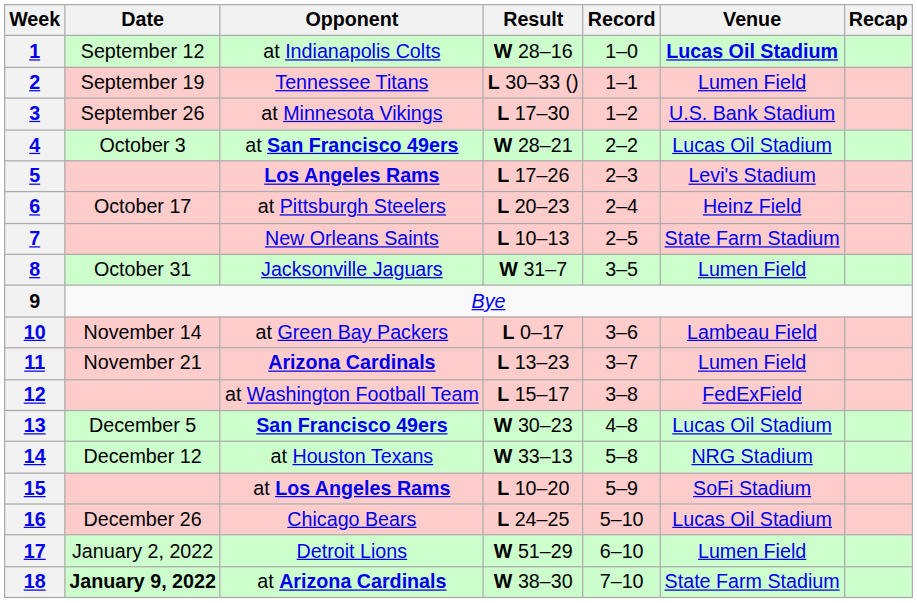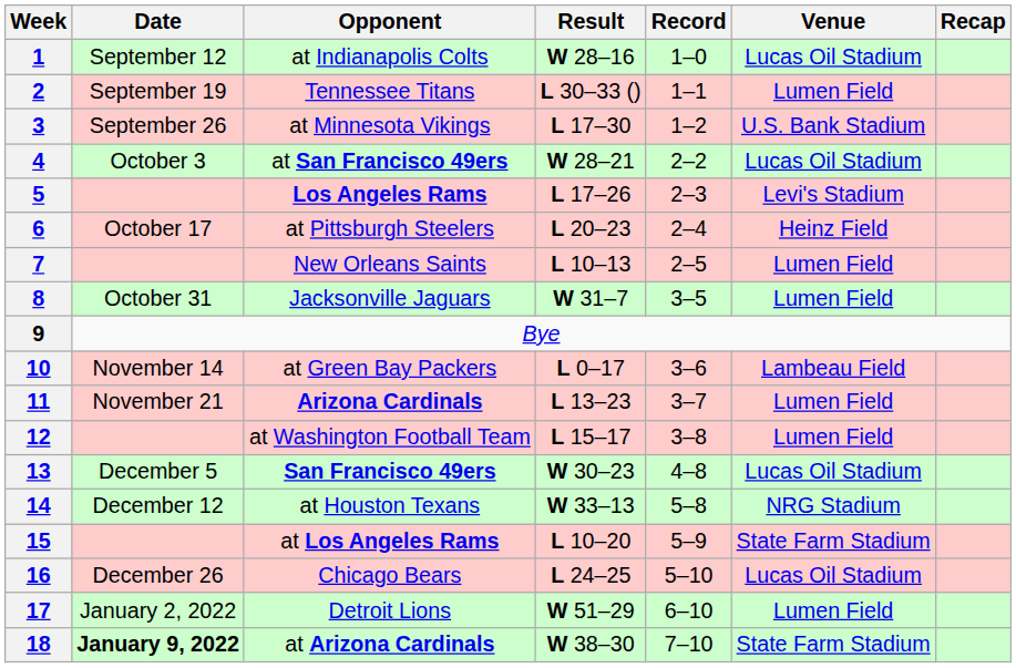 <table class="wikitable" style="text-align:center">
 <tr>
 <th>Week</th>
 <th>Date</th>
 <th>Opponent</th>
 <th>Result</th>
 <th>Record</th>
 <th>Venue</th>
 <th>Recap</th>
 </tr>
 <tr style="background:#cfc">
 <th><a href='#'>1</a></th>
 <td>September 12</td>
 <td>at <a href='#'>Indianapolis Colts</a></td>
 <td><strong>W</strong> 28–16</td>
 <td>1–0</td>
-<td><strong><a href='#'>Lucas Oil Stadium</a></strong></td>
+<td><a href='#'>Lucas Oil Stadium</a></td>
 <td></td>
 </tr>
 <tr style="background:#fcc">
 <th><a href='#'>2</a></th>
 <td>September 19</td>
 <td><a href='#'>Tennessee Titans</a></td>
 <td><strong>L</strong> 30–33 ()</td>
 <td>1–1</td>
 <td><a href='#'>Lumen Field</a></td>
 <td></td>
 </tr>
 <tr style="background:#fcc">
 <th><a href='#'>3</a></th>
 <td>September 26</td>
 <td>at <a href='#'>Minnesota Vikings</a></td>
 <td><strong>L</strong> 17–30</td>
 <td>1–2</td>
 <td><a href='#'>U.S. Bank Stadium</a></td>
 <td></td>
 </tr>
 <tr style="background:#cfc">
 <th><a href='#'>4</a></th>
 <td>October 3</td>
 <td>at <strong><a href='#'>San Francisco 49ers</a></strong></td>
 <td><strong>W</strong> 28–21</td>
 <td>2–2</td>
 <td><a href='#'>Lucas Oil Stadium</a></td>
 <td></td>
 </tr>
 <tr style="background:#fcc">
 <th><a href='#'>5</a></th>
 <td></td>
 <td><strong><a href='#'>Los Angeles Rams</a></strong></td>
 <td><strong>L</strong> 17–26</td>
 <td>2–3</td>
 <td><a href='#'>Levi's Stadium</a></td>
 <td></td>
 </tr>
 <tr style="background:#fcc">
 <th><a href='#'>6</a></th>
 <td>October 17</td>
 <td>at <a href='#'>Pittsburgh Steelers</a></td>
 <td><strong>L</strong> 20–23 </td>
 <td>2–4</td>
 <td><a href='#'>Heinz Field</a></td>
 <td></td>
 </tr>
 <tr style="background:#fcc">
 <th><a href='#'>7</a></th>
 <td></td>
 <td><a href='#'>New Orleans Saints</a></td>
 <td><strong>L</strong> 10–13</td>
 <td>2–5</td>
-<td><a href='#'>State Farm Stadium</a></td>
+<td><a href='#'>Lumen Field</a></td>
 <td></td>
 </tr>
 <tr style="background:#cfc">
 <th><a href='#'>8</a></th>
 <td>October 31</td>
 <td><a href='#'>Jacksonville Jaguars</a></td>
 <td><strong>W</strong> 31–7</td>
 <td>3–5</td>
 <td><a href='#'>Lumen Field</a></td>
 <td></td>
 </tr>
 <tr>
 <th>9</th>
 <td colspan="6"><em><a href='#'>Bye</a></em></td>
 </tr>
 <tr style="background:#fcc">
 <th><a href='#'>10</a></th>
 <td>November 14</td>
 <td>at <a href='#'>Green Bay Packers</a></td>
 <td><strong>L</strong> 0–17</td>
 <td>3–6</td>
 <td><a href='#'>Lambeau Field</a></td>
 <td></td>
 </tr>
 <tr style="background:#fcc">
 <th><a href='#'>11</a></th>
 <td>November 21</td>
 <td><strong><a href='#'>Arizona Cardinals</a></strong></td>
 <td><strong>L</strong> 13–23</td>
 <td>3–7</td>
 <td><a href='#'>Lumen Field</a></td>
 <td></td>
 </tr>
 <tr style="background:#fcc">
 <th><a href='#'>12</a></th>
 <td></td>
 <td>at <a href='#'>Washington Football Team</a></td>
 <td><strong>L</strong> 15–17</td>
 <td>3–8</td>
-<td><a href='#'>FedExField</a></td>
+<td><a href='#'>Lumen Field</a></td>
 <td></td>
 </tr>
 <tr style="background:#cfc">
 <th><a href='#'>13</a></th>
 <td>December 5</td>
 <td><strong><a href='#'>San Francisco 49ers</a></strong></td>
 <td><strong>W</strong> 30–23</td>
 <td>4–8</td>
 <td><a href='#'>Lucas Oil Stadium</a></td>
 <td></td>
 </tr>
 <tr style="background:#cfc">
 <th><a href='#'>14</a></th>
 <td>December 12</td>
 <td>at <a href='#'>Houston Texans</a></td>
 <td><strong>W</strong> 33–13</td>
 <td>5–8</td>
 <td><a href='#'>NRG Stadium</a></td>
 <td></td>
 </tr>
 <tr style="background:#fcc">
 <th><a href='#'>15</a></th>
 <td></td>
 <td>at <strong><a href='#'>Los Angeles Rams</a></strong></td>
 <td><strong>L</strong> 10–20</td>
 <td>5–9</td>
-<td><a href='#'>SoFi Stadium</a></td>
+<td><a href='#'>State Farm Stadium</a></td>
 <td></td>
 </tr>
 <tr style="background:#fcc">
 <th><a href='#'>16</a></th>
 <td>December 26</td>
 <td><a href='#'>Chicago Bears</a></td>
 <td><strong>L</strong> 24–25</td>
 <td>5–10</td>
 <td><a href='#'>Lucas Oil Stadium</a></td>
 <td></td>
 </tr>
 <tr style="background:#cfc">
 <th><a href='#'>17</a></th>
 <td>January 2, 2022</td>
 <td><a href='#'>Detroit Lions</a></td>
 <td><strong>W</strong> 51–29</td>
 <td>6–10</td>
 <td><a href='#'>Lumen Field</a></td>
 <td></td>
 </tr>
 <tr style="background:#cfc">
 <th><a href='#'>18</a></th>
 <td><strong>January 9, 2022</strong></td>
 <td>at <strong><a href='#'>Arizona Cardinals</a></strong></td>
 <td><strong>W</strong> 38–30</td>
 <td>7–10</td>
 <td><a href='#'>State Farm Stadium</a></td>
 <td></td>
 </tr>
 </table>
